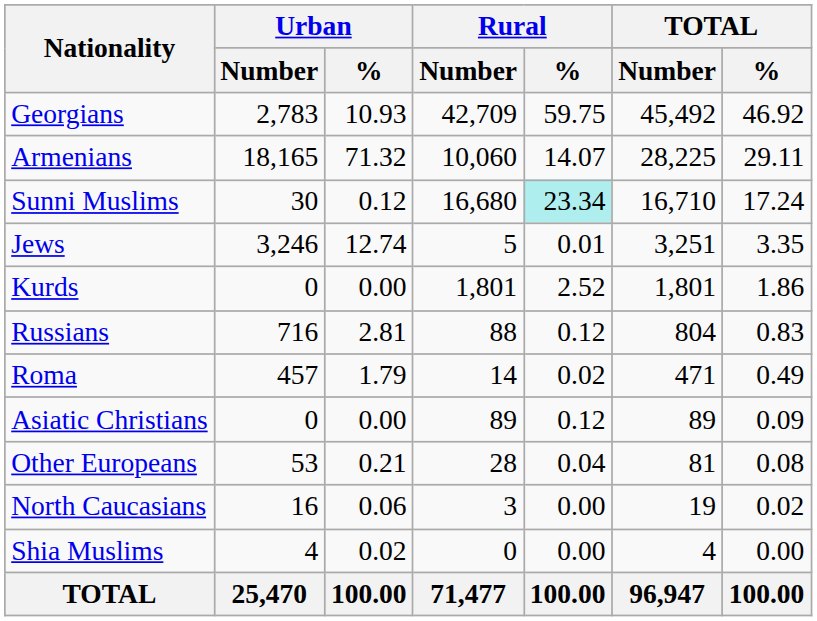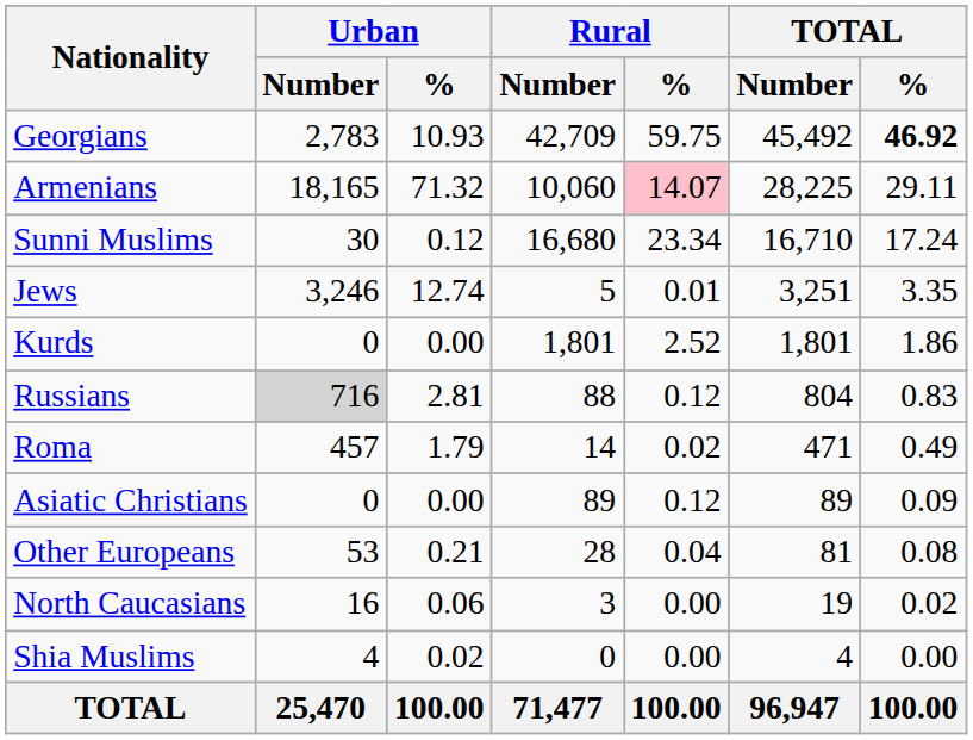 <table class="wikitable sortable">
 <tr>
 <th rowspan="2">Nationality</th>
 <th colspan="2"><a href='#'>Urban</a></th>
 <th colspan="2"><a href='#'>Rural</a></th>
 <th colspan="2">TOTAL</th>
 </tr>
 <tr>
 <th>Number</th>
 <th>%</th>
 <th>Number</th>
 <th>%</th>
 <th>Number</th>
 <th>%</th>
 </tr>
 <tr>
 <td><a href='#'>Georgians</a></td>
 <td align="right">2,783</td>
 <td align="right">10.93</td>
 <td align="right">42,709</td>
 <td align="right">59.75</td>
 <td align="right">45,492</td>
-<td align="right">46.92</td>
+<td align="right"><strong>46.92</strong></td>
 </tr>
 <tr>
 <td><a href='#'>Armenians</a></td>
 <td align="right">18,165</td>
 <td align="right">71.32</td>
 <td align="right">10,060</td>
-<td align="right">14.07</td>
+<td align="right" style="background: pink;">14.07</td>
 <td align="right">28,225</td>
 <td align="right">29.11</td>
 </tr>
 <tr>
 <td><a href='#'>Sunni Muslims</a></td>
 <td align="right">30</td>
 <td align="right">0.12</td>
 <td align="right">16,680</td>
-<td align="right" style="background: paleturquoise;">23.34</td>
+<td align="right">23.34</td>
 <td align="right">16,710</td>
 <td align="right">17.24</td>
 </tr>
 <tr>
 <td><a href='#'>Jews</a></td>
 <td align="right">3,246</td>
 <td align="right">12.74</td>
 <td align="right">5</td>
 <td align="right">0.01</td>
 <td align="right">3,251</td>
 <td align="right">3.35</td>
 </tr>
 <tr>
 <td><a href='#'>Kurds</a></td>
 <td align="right">0</td>
 <td align="right">0.00</td>
 <td align="right">1,801</td>
 <td align="right">2.52</td>
 <td align="right">1,801</td>
 <td align="right">1.86</td>
 </tr>
 <tr>
 <td><a href='#'>Russians</a></td>
-<td align="right">716</td>
+<td align="right" style="background: lightgrey;">716</td>
 <td align="right">2.81</td>
 <td align="right">88</td>
 <td align="right">0.12</td>
 <td align="right">804</td>
 <td align="right">0.83</td>
 </tr>
 <tr>
 <td><a href='#'>Roma</a></td>
 <td align="right">457</td>
 <td align="right">1.79</td>
 <td align="right">14</td>
 <td align="right">0.02</td>
 <td align="right">471</td>
 <td align="right">0.49</td>
 </tr>
 <tr>
 <td><a href='#'>Asiatic Christians</a></td>
 <td align="right">0</td>
 <td align="right">0.00</td>
 <td align="right">89</td>
 <td align="right">0.12</td>
 <td align="right">89</td>
 <td align="right">0.09</td>
 </tr>
 <tr>
 <td><a href='#'>Other Europeans</a></td>
 <td align="right">53</td>
 <td align="right">0.21</td>
 <td align="right">28</td>
 <td align="right">0.04</td>
 <td align="right">81</td>
 <td align="right">0.08</td>
 </tr>
 <tr>
 <td><a href='#'>North Caucasians</a></td>
 <td align="right">16</td>
 <td align="right">0.06</td>
 <td align="right">3</td>
 <td align="right">0.00</td>
 <td align="right">19</td>
 <td align="right">0.02</td>
 </tr>
 <tr>
 <td><a href='#'>Shia Muslims</a></td>
 <td align="right">4</td>
 <td align="right">0.02</td>
 <td align="right">0</td>
 <td align="right">0.00</td>
 <td align="right">4</td>
 <td align="right">0.00</td>
 </tr>
 <tr>
 <th>TOTAL</th>
 <th>25,470</th>
 <th>100.00</th>
 <th>71,477</th>
 <th>100.00</th>
 <th><strong>96,947</strong></th>
 <th>100.00</th>
 </tr>
 </table>
